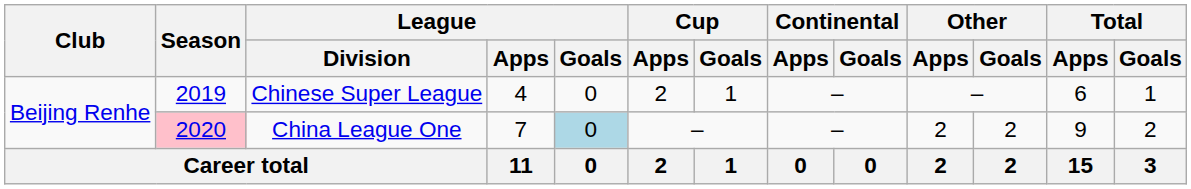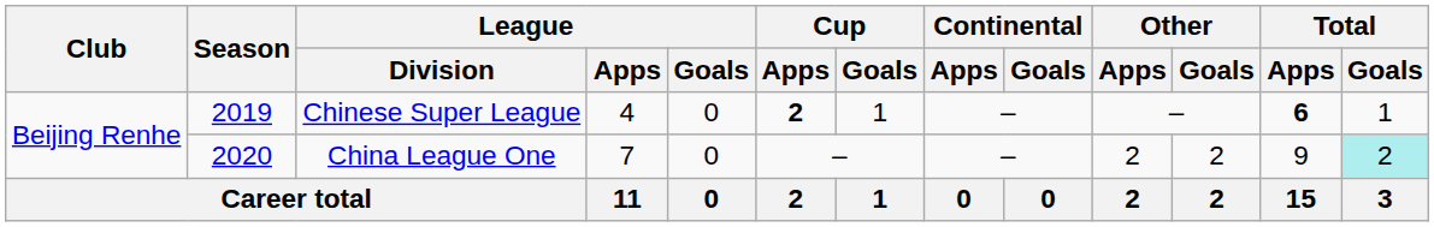 <table class="wikitable" style="text-align: center">
 <tr>
 <th rowspan="2">Club</th>
 <th rowspan="2">Season</th>
 <th colspan="3">League</th>
 <th colspan="2">Cup</th>
 <th colspan="2">Continental</th>
 <th colspan="2">Other</th>
 <th colspan="2">Total</th>
 </tr>
 <tr>
 <th>Division</th>
 <th>Apps</th>
 <th>Goals</th>
 <th>Apps</th>
 <th>Goals</th>
 <th>Apps</th>
 <th>Goals</th>
 <th>Apps</th>
 <th>Goals</th>
 <th>Apps</th>
 <th>Goals</th>
 </tr>
 <tr>
 <td rowspan="2"><a href='#'>Beijing Renhe</a></td>
 <td><a href='#'>2019</a></td>
 <td><a href='#'>Chinese Super League</a></td>
 <td>4</td>
 <td>0</td>
-<td>2</td>
+<td><strong>2</strong></td>
 <td>1</td>
 <td colspan="2">–</td>
 <td colspan="2">–</td>
-<td>6</td>
+<td><strong>6</strong></td>
 <td>1</td>
 </tr>
 <tr>
-<td style="background: pink;"><a href='#'>2020</a></td>
+<td><a href='#'>2020</a></td>
 <td><a href='#'>China League One</a></td>
 <td>7</td>
-<td style="background: lightblue;">0</td>
+<td>0</td>
 <td colspan="2">–</td>
 <td colspan="2">–</td>
 <td>2</td>
 <td>2</td>
 <td>9</td>
-<td>2</td>
+<td style="background: paleturquoise;">2</td>
 </tr>
 <tr>
 <th colspan=3>Career total</th>
 <th>11</th>
 <th>0</th>
 <th>2</th>
 <th>1</th>
 <th>0</th>
 <th>0</th>
 <th>2</th>
 <th>2</th>
 <th>15</th>
 <th>3</th>
 </tr>
 </table>
